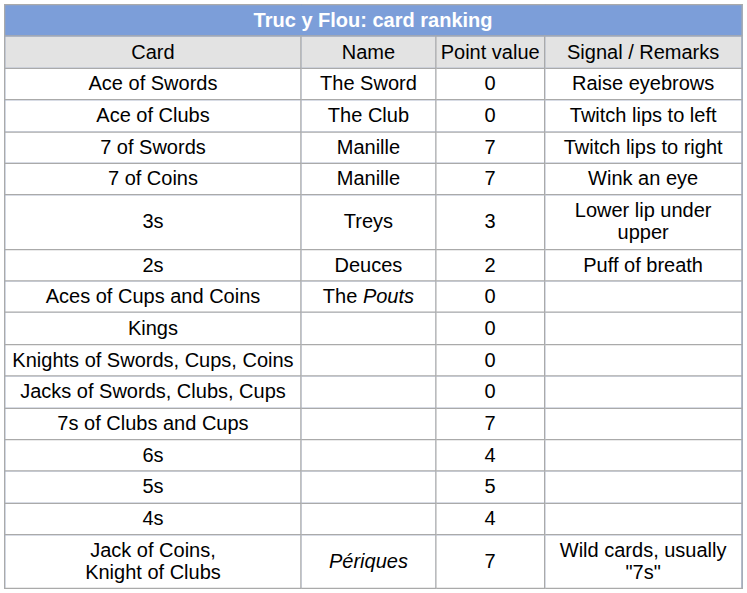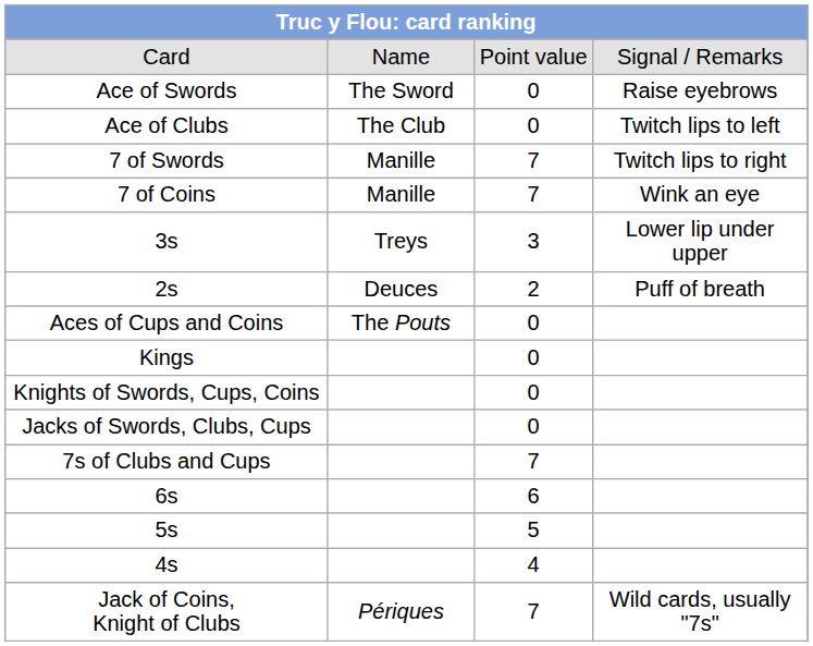 <table class="wikitable" style="float: middle; background: #7C9ED9; margin-left: 1em; border-spacing: 1px;">
 <tr align="center">
 <td style="background: #7C9ED9;color:white;" colspan="4"><strong>Truc y Flou: card ranking</strong></td>
 </tr>
 <tr align="center">
 <td style="width: 230px; background: #e3e3e3;">Card</td>
 <td style="width: 100px; background: #e3e3e3;">Name</td>
 <td style="width: 80px; background: #e3e3e3;">Point value</td>
 <td style="width: 150px; background: #e3e3e3;">Signal / Remarks</td>
 </tr>
 <tr align="center">
 <td style="background: #ffffff;">Ace of Swords</td>
 <td style="background: #ffffff;">The Sword</td>
 <td style="background: #ffffff;">0</td>
 <td style="background: #ffffff;">Raise eyebrows</td>
 </tr>
 <tr align="center">
 <td style="background: #ffffff;">Ace of Clubs</td>
 <td style="background: #ffffff;">The Club</td>
 <td style="background: #ffffff;">0</td>
 <td style="background: #ffffff;">Twitch lips to left</td>
 </tr>
 <tr align="center">
 <td style="background: #ffffff;">7 of Swords</td>
 <td style="background: #ffffff;">Manille</td>
 <td style="background: #ffffff;">7</td>
 <td style="background: #ffffff;">Twitch lips to right</td>
 </tr>
 <tr align="center">
 <td style="background: #ffffff;">7 of Coins</td>
 <td style="background: #ffffff;">Manille</td>
 <td style="background: #ffffff;">7</td>
 <td style="background: #ffffff;">Wink an eye</td>
 </tr>
 <tr align="center">
 <td style="background: #ffffff;">3s</td>
 <td style="background: #ffffff;">Treys</td>
 <td style="background: #ffffff;">3</td>
 <td style="background: #ffffff;">Lower lip under upper</td>
 </tr>
 <tr align="center">
 <td style="background: #ffffff;">2s</td>
 <td style="background: #ffffff;">Deuces</td>
 <td style="background: #ffffff;">2</td>
 <td style="background: #ffffff;">Puff of breath</td>
 </tr>
 <tr align="center">
 <td style="background: #ffffff;">Aces of Cups and Coins</td>
 <td style="background: #ffffff;">The <em>Pouts</em></td>
 <td style="background: #ffffff;">0</td>
 <td style="background: #ffffff;"></td>
 </tr>
 <tr align="center">
 <td style="background: #ffffff;">Kings</td>
 <td style="background: #ffffff;"></td>
 <td style="background: #ffffff;">0</td>
 <td style="background: #ffffff;"></td>
 </tr>
 <tr align="center">
 <td style="background: #ffffff;">Knights of Swords, Cups, Coins</td>
 <td style="background: #ffffff;"></td>
 <td style="background: #ffffff;">0</td>
 <td style="background: #ffffff;"></td>
 </tr>
 <tr align="center">
 <td style="background: #ffffff;">Jacks of Swords, Clubs, Cups</td>
 <td style="background: #ffffff;"></td>
 <td style="background: #ffffff;">0</td>
 <td style="background: #ffffff;"></td>
 </tr>
 <tr align="center">
 <td style="background: #ffffff;">7s of Clubs and Cups</td>
 <td style="background: #ffffff;"></td>
 <td style="background: #ffffff;">7</td>
 <td style="background: #ffffff;"></td>
 </tr>
 <tr align="center">
 <td style="background: #ffffff;">6s</td>
 <td style="background: #ffffff;"></td>
-<td style="background: #ffffff;">4</td>
+<td style="background: #ffffff;">6</td>
 <td style="background: #ffffff;"></td>
 </tr>
 <tr align="center">
 <td style="background: #ffffff;">5s</td>
 <td style="background: #ffffff;"></td>
 <td style="background: #ffffff;">5</td>
 <td style="background: #ffffff;"></td>
 </tr>
 <tr align="center">
 <td style="background: #ffffff;">4s</td>
 <td style="background: #ffffff;"></td>
 <td style="background: #ffffff;">4</td>
 <td style="background: #ffffff;"></td>
 </tr>
 <tr align="center">
 <td style="background: #ffffff;">Jack of Coins,<br>Knight of Clubs</td>
 <td style="background: #ffffff;"><em>Périques</em></td>
 <td style="background: #ffffff;">7</td>
 <td style="background: #ffffff;">Wild cards, usually "7s"</td>
 </tr>
 </table>
